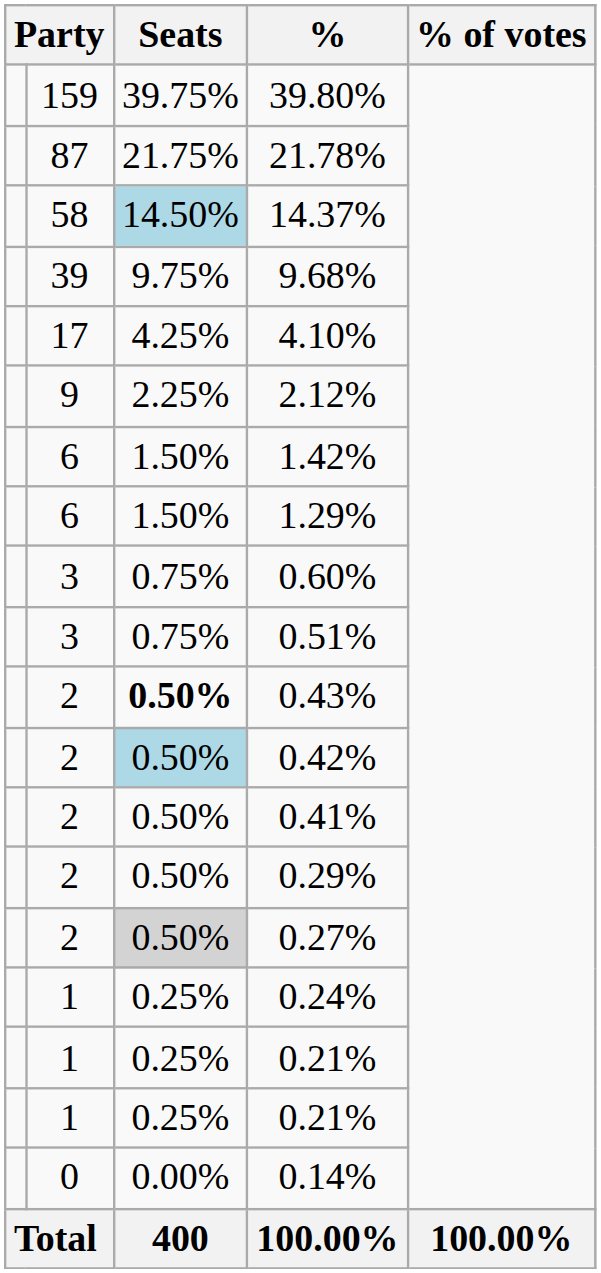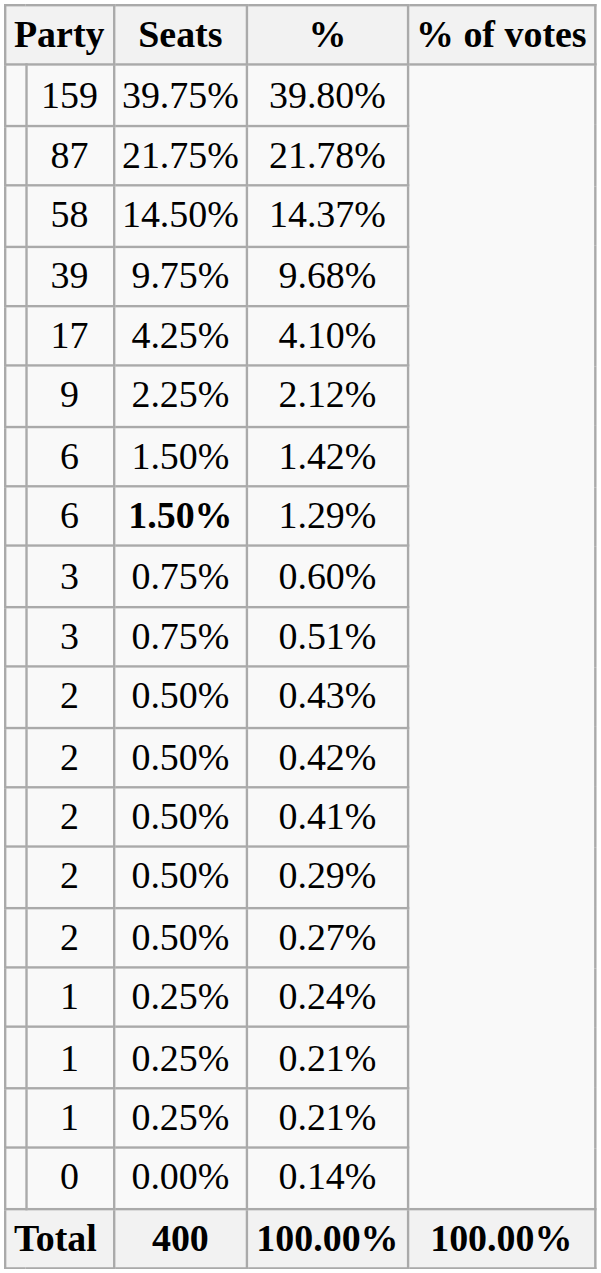 <table class="wikitable sortable">
 <tr style="background:#e9e9e9;">
 <th colspan="2" style="text-align:left">Party</th>
 <th style="text-align:center">Seats</th>
 <th style="text-align:center">%</th>
 <th style="text-align:center">% of votes</th>
 </tr>
 <tr>
 <td></td>
 <td style="text-align:center;">159</td>
 <td style="text-align:center;">39.75%</td>
 <td style="text-align:center;">39.80%</td>
 </tr>
 <tr>
 <td></td>
 <td style="text-align:center;">87</td>
 <td style="text-align:center;">21.75%</td>
 <td style="text-align:center;">21.78%</td>
 </tr>
 <tr>
 <td></td>
 <td style="text-align:center;">58</td>
-<td style="background: lightblue; text-align:center;">14.50%</td>
+<td style="text-align:center;">14.50%</td>
 <td style="text-align:center;">14.37%</td>
 </tr>
 <tr>
 <td></td>
 <td style="text-align:center;">39</td>
 <td style="text-align:center;">9.75%</td>
 <td style="text-align:center;">9.68%</td>
 </tr>
 <tr>
 <td></td>
 <td style="text-align:center;">17</td>
 <td style="text-align:center;">4.25%</td>
 <td style="text-align:center;">4.10%</td>
 </tr>
 <tr>
 <td></td>
 <td style="text-align:center;">9</td>
 <td style="text-align:center;">2.25%</td>
 <td style="text-align:center;">2.12%</td>
 </tr>
 <tr>
 <td></td>
 <td style="text-align:center;">6</td>
 <td style="text-align:center;">1.50%</td>
 <td style="text-align:center;">1.42%</td>
 </tr>
 <tr>
 <td></td>
 <td style="text-align:center;">6</td>
-<td style="text-align:center;">1.50%</td>
+<td style="text-align:center;"><strong>1.50%</strong></td>
 <td style="text-align:center;">1.29%</td>
 </tr>
 <tr>
 <td></td>
 <td style="text-align:center;">3</td>
 <td style="text-align:center;">0.75%</td>
 <td style="text-align:center;">0.60%</td>
 </tr>
 <tr>
 <td></td>
 <td style="text-align:center;">3</td>
 <td style="text-align:center;">0.75%</td>
 <td style="text-align:center;">0.51%</td>
 </tr>
 <tr>
 <td></td>
 <td style="text-align:center;">2</td>
-<td style="text-align:center;"><strong>0.50%</strong></td>
+<td style="text-align:center;">0.50%</td>
 <td style="text-align:center;">0.43%</td>
 </tr>
 <tr>
 <td></td>
 <td style="text-align:center;">2</td>
-<td style="background: lightblue; text-align:center;">0.50%</td>
+<td style="text-align:center;">0.50%</td>
 <td style="text-align:center;">0.42%</td>
 </tr>
 <tr>
 <td></td>
 <td style="text-align:center;">2</td>
 <td style="text-align:center;">0.50%</td>
 <td style="text-align:center;">0.41%</td>
 </tr>
 <tr>
 <td></td>
 <td style="text-align:center;">2</td>
 <td style="text-align:center;">0.50%</td>
 <td style="text-align:center;">0.29%</td>
 </tr>
 <tr>
 <td></td>
 <td style="text-align:center;">2</td>
-<td style="background: lightgrey; text-align:center;">0.50%</td>
+<td style="text-align:center;">0.50%</td>
 <td style="text-align:center;">0.27%</td>
 </tr>
 <tr>
 <td></td>
 <td style="text-align:center;">1</td>
 <td style="text-align:center;">0.25%</td>
 <td style="text-align:center;">0.24%</td>
 </tr>
 <tr>
 <td></td>
 <td style="text-align:center;">1</td>
 <td style="text-align:center;">0.25%</td>
 <td style="text-align:center;">0.21%</td>
 </tr>
 <tr>
 <td></td>
 <td style="text-align:center;">1</td>
 <td style="text-align:center;">0.25%</td>
 <td style="text-align:center;">0.21%</td>
 </tr>
 <tr>
 <td></td>
 <td style="text-align:center;">0</td>
 <td style="text-align:center;">0.00%</td>
 <td style="text-align:center;">0.14%</td>
 </tr>
 <tr>
 <th colspan="2" style="text-align:left;">Total</th>
 <th style="text-align:center;">400</th>
 <th style="text-align:center;">100.00%</th>
 <th style="text-align:center;">100.00%</th>
 </tr>
 </table>
